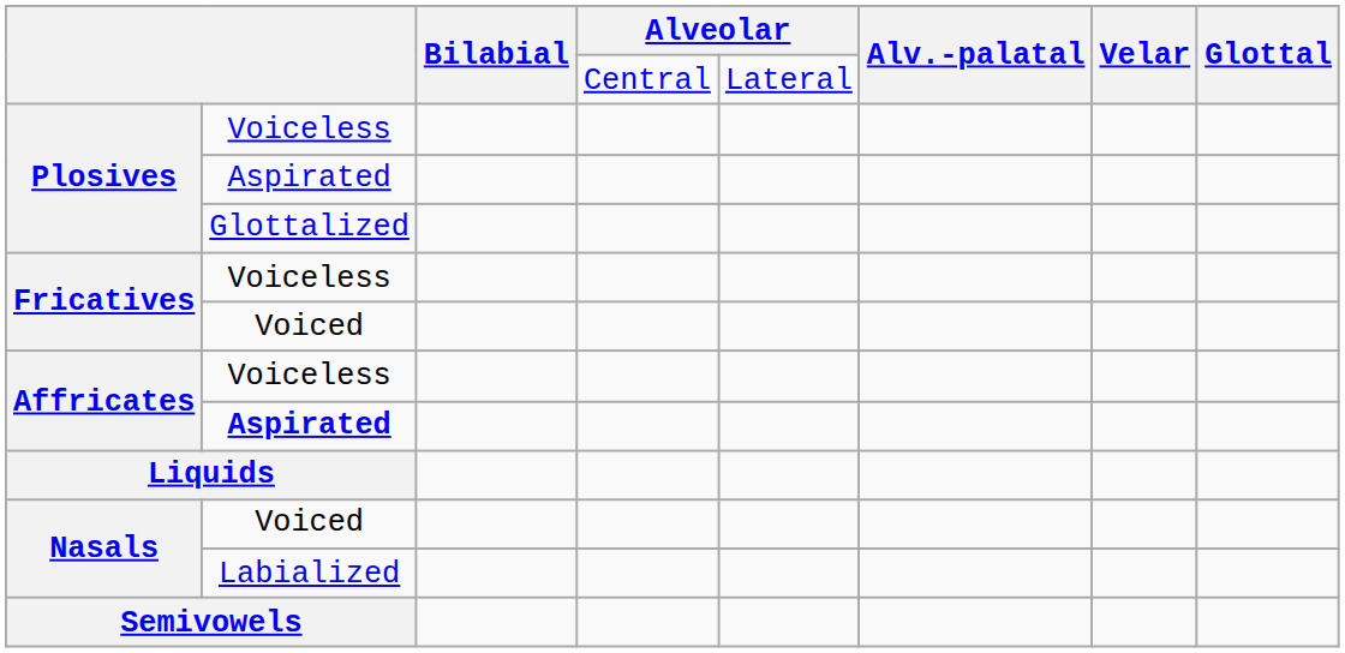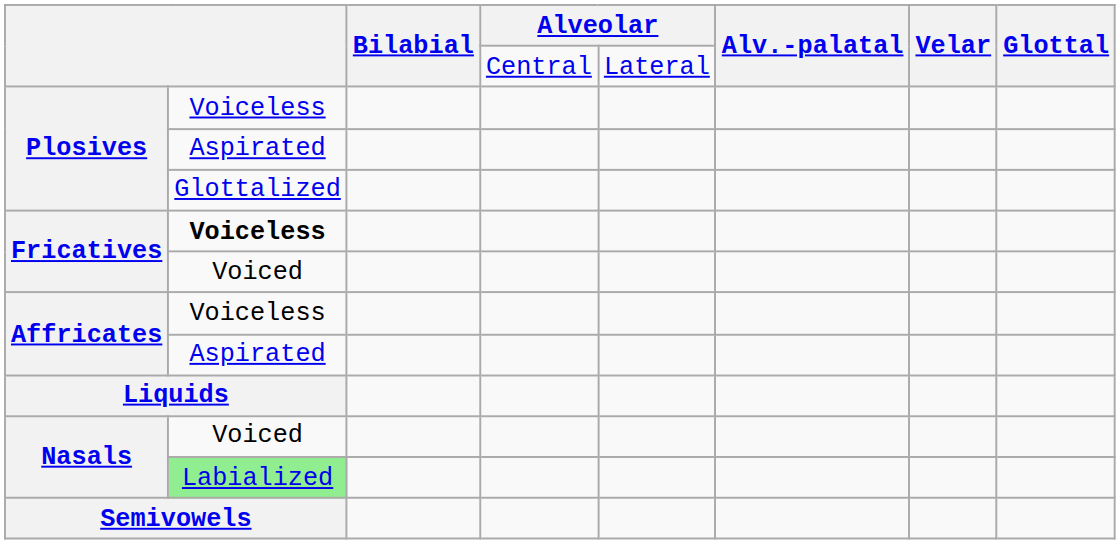 <table class="wikitable">
 <tr align="center">
 <th rowspan=2 colspan=2></th>
 <th rowspan=2><a href='#'>Bilabial</a></th>
 <th colspan=2><a href='#'>Alveolar</a></th>
 <th rowspan=2><a href='#'>Alv.-palatal</a></th>
 <th rowspan=2><a href='#'>Velar</a></th>
 <th rowspan=2><a href='#'>Glottal</a></th>
 </tr>
 <tr align="center">
 <td><a href='#'>Central</a></td>
 <td><a href='#'>Lateral</a></td>
 </tr>
 <tr align="center">
 <th rowspan=3><a href='#'>Plosives</a></th>
 <td><a href='#'>Voiceless</a></td>
 <td></td>
 <td></td>
 <td></td>
 <td></td>
 <td></td>
 <td></td>
 </tr>
 <tr align="center">
 <td><a href='#'>Aspirated</a></td>
 <td></td>
 <td></td>
 <td></td>
 <td></td>
 <td></td>
 <td></td>
 </tr>
 <tr align="center">
 <td><a href='#'>Glottalized</a></td>
 <td></td>
 <td></td>
 <td></td>
 <td></td>
 <td></td>
 <td></td>
 </tr>
 <tr align="center">
 <th rowspan="2"><a href='#'>Fricatives</a></th>
-<td>Voiceless</td>
+<td><strong>Voiceless</strong></td>
 <td></td>
 <td></td>
 <td></td>
 <td></td>
 <td></td>
 <td></td>
 </tr>
 <tr align="center">
 <td>Voiced</td>
 <td></td>
 <td></td>
 <td></td>
 <td></td>
 <td></td>
 <td></td>
 </tr>
 <tr align="center">
 <th rowspan="2"><a href='#'>Affricates</a></th>
 <td>Voiceless</td>
 <td></td>
 <td></td>
 <td></td>
 <td></td>
 <td></td>
 <td></td>
 </tr>
 <tr align="center">
-<td><strong><a href='#'>Aspirated</a></strong></td>
+<td><a href='#'>Aspirated</a></td>
 <td></td>
 <td></td>
 <td></td>
 <td></td>
 <td></td>
 <td></td>
 </tr>
 <tr align="center">
 <th colspan="2"><a href='#'>Liquids</a></th>
 <td></td>
 <td></td>
 <td></td>
 <td></td>
 <td></td>
 <td></td>
 </tr>
 <tr align="center">
 <th rowspan="2"><a href='#'>Nasals</a></th>
 <td>Voiced</td>
 <td></td>
 <td></td>
 <td></td>
 <td></td>
 <td></td>
 <td></td>
 </tr>
 <tr align="center">
-<td><a href='#'>Labialized</a></td>
+<td style="background: lightgreen;"><a href='#'>Labialized</a></td>
 <td></td>
 <td></td>
 <td></td>
 <td></td>
 <td></td>
 <td></td>
 </tr>
 <tr align="center">
 <th colspan="2"><a href='#'>Semivowels</a></th>
 <td></td>
 <td></td>
 <td></td>
 <td></td>
 <td></td>
 <td></td>
 </tr>
 </table>
